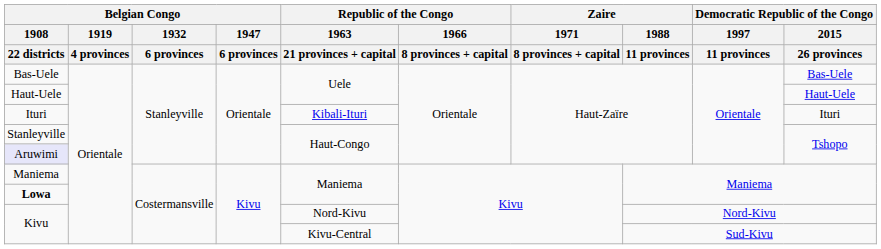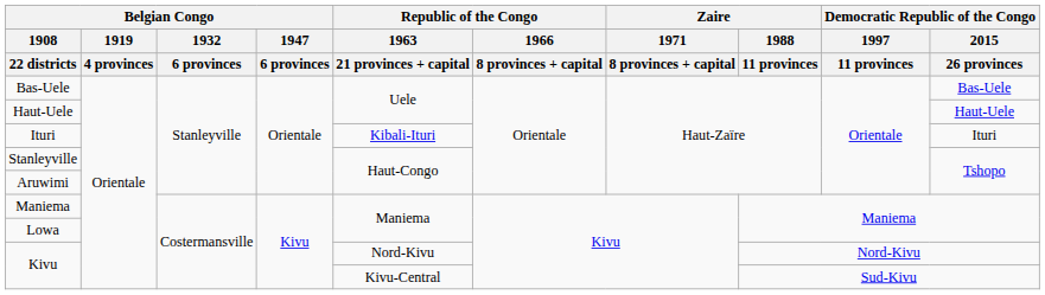 <table class="wikitable" style="font-size:90%; text-align:center">
 <tr>
 <th colspan=4>Belgian Congo</th>
 <th colspan=2>Republic of the Congo</th>
 <th colspan=2>Zaire</th>
 <th colspan=2>Democratic Republic of the Congo</th>
 </tr>
 <tr>
 <th>1908</th>
 <th>1919</th>
 <th>1932</th>
 <th>1947</th>
 <th>1963</th>
 <th>1966</th>
 <th>1971</th>
 <th>1988</th>
 <th>1997</th>
 <th>2015</th>
 </tr>
 <tr>
 <th>22 districts</th>
 <th>4 provinces</th>
 <th>6 provinces</th>
 <th>6 provinces</th>
 <th>21 provinces + capital</th>
 <th>8 provinces + capital</th>
 <th>8 provinces + capital</th>
 <th>11 provinces</th>
 <th>11 provinces</th>
 <th>26 provinces</th>
 </tr>
 <tr>
 <td>Bas-Uele</td>
 <td rowspan=9>Orientale</td>
 <td rowspan=5>Stanleyville</td>
 <td rowspan=5>Orientale</td>
 <td rowspan=2>Uele</td>
 <td rowspan=5>Orientale</td>
 <td rowspan=5 colspan=2>Haut-Zaïre</td>
 <td rowspan=5><a href='#'>Orientale</a></td>
 <td><a href='#'>Bas-Uele</a></td>
 </tr>
 <tr>
 <td>Haut-Uele</td>
 <td><a href='#'>Haut-Uele</a></td>
 </tr>
 <tr>
 <td>Ituri</td>
 <td><a href='#'>Kibali-Ituri</a></td>
 <td>Ituri</td>
 </tr>
 <tr>
 <td>Stanleyville</td>
 <td rowspan=2>Haut-Congo</td>
 <td rowspan=2><a href='#'>Tshopo</a></td>
 </tr>
 <tr>
-<td style="background: lavender;">Aruwimi</td>
+<td>Aruwimi</td>
 </tr>
 <tr>
 <td>Maniema</td>
 <td rowspan=4>Costermansville</td>
 <td rowspan=4><a href='#'>Kivu</a></td>
 <td rowspan=2>Maniema</td>
 <td rowspan=4 colspan=2><a href='#'>Kivu</a></td>
 <td rowspan=2 colspan=3><a href='#'>Maniema</a></td>
 </tr>
 <tr>
-<td><strong>Lowa</strong></td>
+<td>Lowa</td>
 </tr>
 <tr>
 <td rowspan=2>Kivu</td>
 <td>Nord-Kivu</td>
 <td colspan=3><a href='#'>Nord-Kivu</a></td>
 </tr>
 <tr>
 <td>Kivu-Central</td>
 <td colspan=3><a href='#'>Sud-Kivu</a></td>
 </tr>
 </table>
